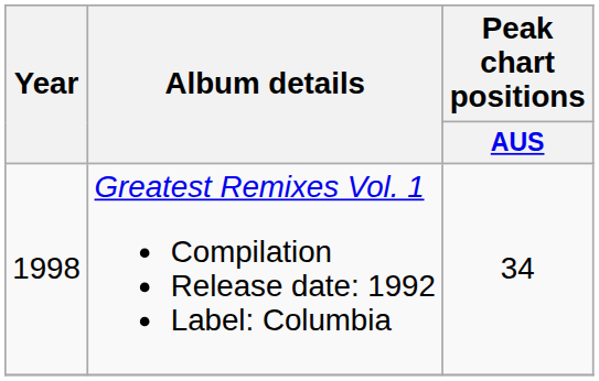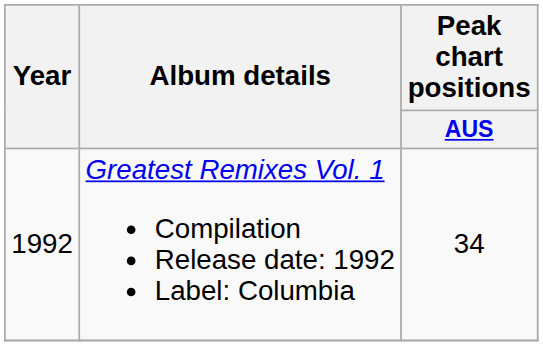 <table class="wikitable" style="text-align:center;">
 <tr>
 <th rowspan="2">Year</th>
 <th rowspan="2">Album details</th>
 <th colspan="1">Peak chart positions</th>
 </tr>
 <tr style="font-size:smaller;">
 <th width="25"><a href='#'>AUS</a></th>
 </tr>
 <tr>
-<td>1998</td>
+<td>1992</td>
 <td align="left"><em><a href='#'>Greatest Remixes Vol. 1</a></em><br><ul><li>Compilation</li><li>Release date: 1992</li><li>Label: Columbia</li></ul></td>
 <td>34</td>
 </tr>
 <tr>
 </tr>
 </table>
